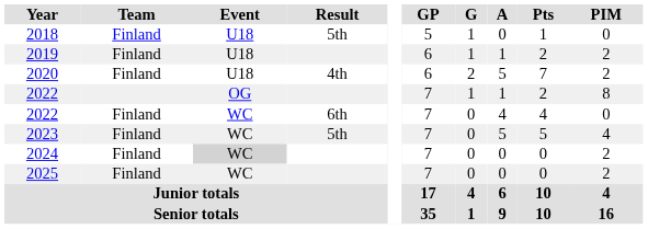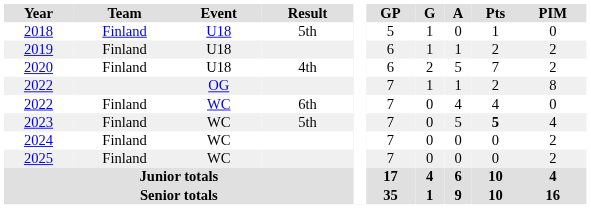 <table border="0" cellpadding="1" cellspacing="0" style="text-align:center; width:40em">
 <tr ALIGN="centre" bgcolor="#e0e0e0">
 <th>Year</th>
 <th>Team</th>
 <th>Event</th>
 <th>Result</th>
 <th rowspan="97" bgcolor="#ffffff"> </th>
 <th>GP</th>
 <th>G</th>
 <th>A</th>
 <th>Pts</th>
 <th>PIM</th>
 </tr>
 <tr>
 <td><a href='#'>2018</a></td>
 <td><a href='#'>Finland</a></td>
 <td><a href='#'>U18</a></td>
 <td>5th</td>
 <td>5</td>
 <td>1</td>
 <td>0</td>
 <td>1</td>
 <td>0</td>
 </tr>
 <tr bgcolor="#f0f0f0">
 <td><a href='#'>2019</a></td>
 <td>Finland</td>
 <td>U18</td>
 <td></td>
 <td>6</td>
 <td>1</td>
 <td>1</td>
 <td>2</td>
 <td>2</td>
 </tr>
 <tr>
 <td><a href='#'>2020</a></td>
 <td>Finland</td>
 <td>U18</td>
 <td>4th</td>
 <td>6</td>
 <td>2</td>
 <td>5</td>
 <td>7</td>
 <td>2</td>
 </tr>
 <tr bgcolor="#f0f0f0">
 <td><a href='#'>2022</a></td>
 <td></td>
 <td><a href='#'>OG</a></td>
 <td></td>
 <td>7</td>
 <td>1</td>
 <td>1</td>
 <td>2</td>
 <td>8</td>
 </tr>
 <tr>
 <td><a href='#'>2022</a></td>
 <td>Finland</td>
 <td><a href='#'>WC</a></td>
 <td>6th</td>
 <td>7</td>
 <td>0</td>
 <td>4</td>
 <td>4</td>
 <td>0</td>
 </tr>
 <tr bgcolor="#f0f0f0">
 <td><a href='#'>2023</a></td>
 <td>Finland</td>
 <td>WC</td>
 <td>5th</td>
 <td>7</td>
 <td>0</td>
 <td>5</td>
-<td>5</td>
+<td><strong>5</strong></td>
 <td>4</td>
 </tr>
 <tr>
 <td><a href='#'>2024</a></td>
 <td>Finland</td>
-<td style="background: lightgrey;">WC</td>
+<td>WC</td>
 <td></td>
 <td>7</td>
 <td>0</td>
 <td>0</td>
 <td>0</td>
 <td>2</td>
 </tr>
 <tr bgcolor="#f0f0f0">
 <td><a href='#'>2025</a></td>
 <td>Finland</td>
 <td>WC</td>
 <td></td>
 <td>7</td>
 <td>0</td>
 <td>0</td>
 <td>0</td>
 <td>2</td>
 </tr>
 <tr bgcolor="#e0e0e0">
 <th colspan=4>Junior totals</th>
 <th>17</th>
 <th>4</th>
 <th>6</th>
 <th>10</th>
 <th>4</th>
 </tr>
 <tr bgcolor="#e0e0e0">
 <th colspan=4>Senior totals</th>
 <th>35</th>
 <th>1</th>
 <th>9</th>
 <th>10</th>
 <th>16</th>
 </tr>
 </table>
